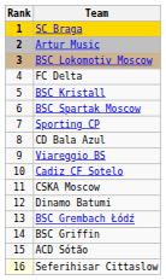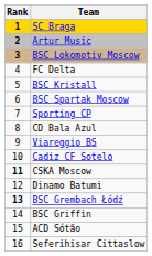 <table class="wikitable" style="text-align:center">
 <tr>
 <th>Rank</th>
 <th>Team</th>
 </tr>
 <tr bgcolor="gold">
 <td><strong>1</strong></td>
 <td align="left"> <a href='#'>SC Braga</a></td>
 </tr>
 <tr bgcolor="silver">
 <td><strong>2</strong></td>
 <td align="left"> <a href='#'>Artur Music</a></td>
 </tr>
 <tr bgcolor="tan">
 <td><strong>3</strong></td>
 <td align="left"> <a href='#'>BSC Lokomotiv Moscow</a></td>
 </tr>
 <tr>
 <td>4</td>
 <td align="left"> FC Delta</td>
 </tr>
 <tr>
 <td>5</td>
 <td align="left"> <a href='#'>BSC Kristall</a></td>
 </tr>
 <tr>
 <td>6</td>
 <td align="left"> <a href='#'>BSC Spartak Moscow</a></td>
 </tr>
 <tr>
 <td>7</td>
 <td align="left"> <a href='#'>Sporting CP</a></td>
 </tr>
 <tr>
 <td>8</td>
 <td align="left"> CD Bala Azul</td>
 </tr>
 <tr>
 <td>9</td>
 <td align="left"> <a href='#'>Viareggio BS</a></td>
 </tr>
 <tr>
 <td>10</td>
 <td align="left"> <a href='#'>Cadiz CF Sotelo</a></td>
 </tr>
 <tr>
-<td>11</td>
+<td><strong>11</strong></td>
 <td align="left"> CSKA Moscow</td>
 </tr>
 <tr>
 <td>12</td>
 <td align="left"> Dinamo Batumi</td>
 </tr>
 <tr>
-<td>13</td>
+<td><strong>13</strong></td>
 <td align="left"> <a href='#'>BSC Grembach Łódź</a></td>
 </tr>
 <tr>
 <td>14</td>
 <td align="left"> BSC Griffin</td>
 </tr>
 <tr>
 <td>15</td>
 <td align="left"> ACD Sótão</td>
 </tr>
 <tr>
-<td style="background: lightyellow;">16</td>
+<td>16</td>
 <td align="left"> Seferihisar Cittaslow</td>
 </tr>
 </table>
